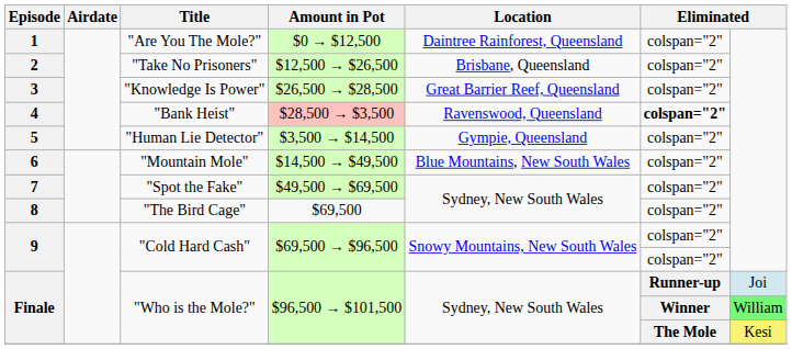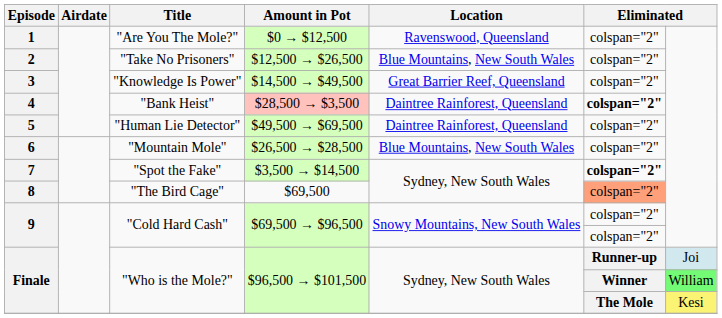 <table class="wikitable" style="text-align:center">
 <tr>
 <th scope="col">Episode</th>
 <th scope="col">Airdate</th>
 <th scope="col">Title</th>
 <th scope="col">Amount in Pot</th>
 <th scope="col">Location</th>
 <th scope="col" colspan=2>Eliminated</th>
 </tr>
 <tr>
 <th scope="row">1</th>
 <td rowspan="5"></td>
 <td>"Are You The Mole?"</td>
 <td style="background:#D5FFBD">$0 → $12,500</td>
-<td><a href='#'>Daintree Rainforest, Queensland</a></td>
+<td><a href='#'>Ravenswood, Queensland</a></td>
 <td>colspan="2"  </td>
 </tr>
 <tr>
 <th scope="row">2</th>
 <td>"Take No Prisoners"</td>
 <td style="background:#D5FFBD">$12,500 → $26,500</td>
-<td><a href='#'>Brisbane</a>, Queensland</td>
+<td><a href='#'>Blue Mountains</a>, <a href='#'>New South Wales</a></td>
 <td>colspan="2" </td>
 </tr>
 <tr>
 <th scope="row">3</th>
 <td>"Knowledge Is Power"</td>
-<td style="background:#D5FFBD">$26,500 → $28,500</td>
+<td style="background:#D5FFBD">$14,500 → $49,500</td>
 <td><a href='#'>Great Barrier Reef, Queensland</a></td>
 <td>colspan="2" </td>
 </tr>
 <tr>
 <th scope="row">4</th>
 <td>"Bank Heist"</td>
 <td style="background:#FFC2BD">$28,500 → $3,500</td>
-<td><a href='#'>Ravenswood, Queensland</a></td>
+<td><a href='#'>Daintree Rainforest, Queensland</a></td>
 <td><strong>colspan="2" </strong></td>
 </tr>
 <tr>
 <th scope="row">5</th>
 <td>"Human Lie Detector"</td>
-<td style="background:#D5FFBD">$3,500 → $14,500</td>
-<td><a href='#'>Gympie, Queensland</a></td>
+<td style="background:#D5FFBD">$49,500 → $69,500</td>
+<td><a href='#'>Daintree Rainforest, Queensland</a></td>
 <td>colspan="2" </td>
 </tr>
 <tr>
 <th scope="row">6</th>
 <td rowspan="3"></td>
 <td>"Mountain Mole"</td>
-<td style="background:#D5FFBD">$14,500 → $49,500</td>
+<td style="background:#D5FFBD">$26,500 → $28,500</td>
 <td><a href='#'>Blue Mountains</a>, <a href='#'>New South Wales</a></td>
 <td>colspan="2" </td>
 </tr>
 <tr>
 <th scope="row">7</th>
 <td>"Spot the Fake"</td>
-<td style="background:#D5FFBD">$49,500 → $69,500</td>
+<td style="background:#D5FFBD">$3,500 → $14,500</td>
 <td rowspan="2">Sydney, New South Wales</td>
-<td>colspan="2" </td>
+<td><strong>colspan="2" </strong></td>
 </tr>
 <tr>
 <th scope="row">8</th>
 <td>"The Bird Cage"</td>
 <td>$69,500</td>
-<td>colspan="2" </td>
+<td style="background: lightsalmon;">colspan="2" </td>
 </tr>
 <tr>
 <th scope="rowgroup" rowspan="2">9</th>
 <td rowspan="5"></td>
 <td rowspan="2">"Cold Hard Cash"</td>
 <td rowspan="2" style="background:#D5FFBD">$69,500 → $96,500</td>
 <td rowspan="2"><a href='#'>Snowy Mountains, New South Wales</a></td>
 <td>colspan="2" </td>
 </tr>
 <tr>
 <td>colspan="2" </td>
 </tr>
 <tr>
 <th scope="rowgroup" rowspan=3>Finale</th>
 <td rowspan=3>"Who is the Mole?"</td>
 <td rowspan=3 style="background:#D5FFBD">$96,500 → $101,500</td>
 <td rowspan=3>Sydney, New South Wales</td>
 <th scope="row">Runner-up</th>
 <td style="background:#D1E8EF">Joi</td>
 </tr>
 <tr>
 <th scope="row">Winner</th>
 <td style="background:#73FB76">William</td>
 </tr>
 <tr>
 <th scope="row">The Mole</th>
 <td style="background:#FBF373">Kesi</td>
 </tr>
 <tr>
 </tr>
 </table>
